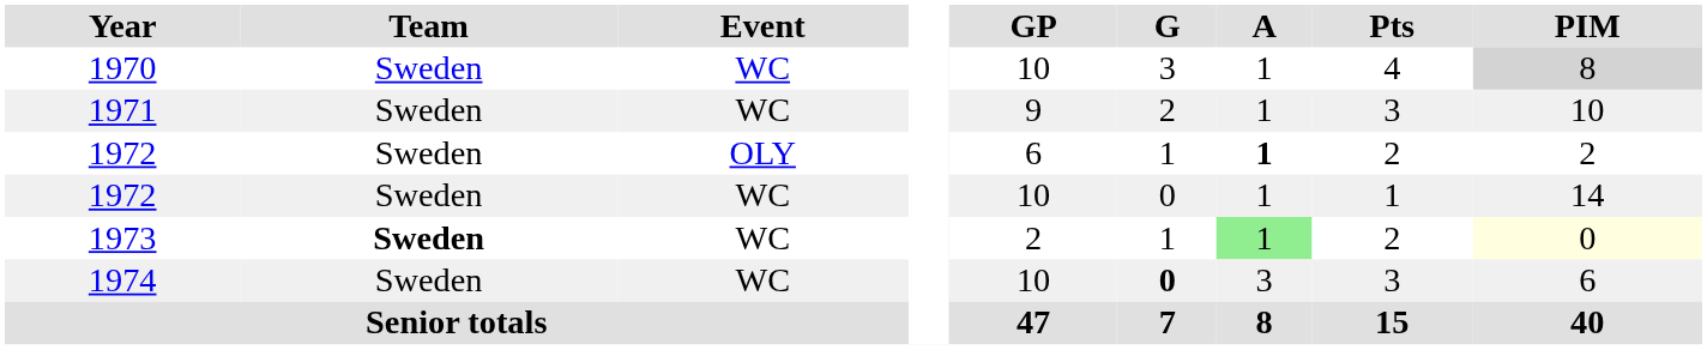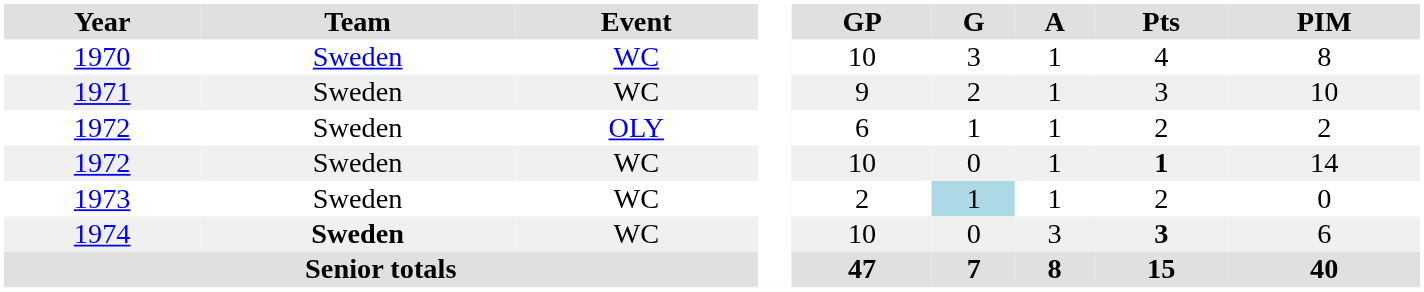 <table border="0" cellpadding="1" cellspacing="0" style="text-align:center; width:50em">
 <tr ALIGN="center" bgcolor="#e0e0e0">
 <th>Year</th>
 <th>Team</th>
 <th>Event</th>
 <th rowspan="99" bgcolor="#ffffff"> </th>
 <th>GP</th>
 <th>G</th>
 <th>A</th>
 <th>Pts</th>
 <th>PIM</th>
 </tr>
 <tr>
 <td><a href='#'>1970</a></td>
 <td><a href='#'>Sweden</a></td>
 <td><a href='#'>WC</a></td>
 <td>10</td>
 <td>3</td>
 <td>1</td>
 <td>4</td>
-<td style="background: lightgrey;">8</td>
+<td>8</td>
 </tr>
 <tr bgcolor="#f0f0f0">
 <td><a href='#'>1971</a></td>
 <td>Sweden</td>
 <td>WC</td>
 <td>9</td>
 <td>2</td>
 <td>1</td>
 <td>3</td>
 <td>10</td>
 </tr>
 <tr>
 <td><a href='#'>1972</a></td>
 <td>Sweden</td>
 <td><a href='#'>OLY</a></td>
 <td>6</td>
 <td>1</td>
-<td><strong>1</strong></td>
+<td>1</td>
 <td>2</td>
 <td>2</td>
 </tr>
 <tr bgcolor="#f0f0f0">
 <td><a href='#'>1972</a></td>
 <td>Sweden</td>
 <td>WC</td>
 <td>10</td>
 <td>0</td>
 <td>1</td>
-<td>1</td>
+<td><strong>1</strong></td>
 <td>14</td>
 </tr>
 <tr>
 <td><a href='#'>1973</a></td>
-<td><strong>Sweden</strong></td>
+<td>Sweden</td>
 <td>WC</td>
 <td>2</td>
+<td style="background: lightblue;">1</td>
 <td>1</td>
-<td style="background: lightgreen;">1</td>
 <td>2</td>
-<td style="background: lightyellow;">0</td>
+<td>0</td>
 </tr>
 <tr bgcolor="#f0f0f0">
 <td><a href='#'>1974</a></td>
-<td>Sweden</td>
+<td><strong>Sweden</strong></td>
 <td>WC</td>
 <td>10</td>
-<td><strong>0</strong></td>
+<td>0</td>
 <td>3</td>
-<td>3</td>
+<td><strong>3</strong></td>
 <td>6</td>
 </tr>
 <tr bgcolor="#e0e0e0">
 <th colspan=3>Senior totals</th>
 <th>47</th>
 <th>7</th>
 <th>8</th>
 <th>15</th>
 <th>40</th>
 </tr>
 </table>
